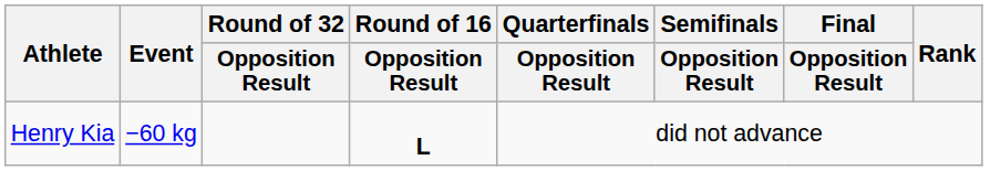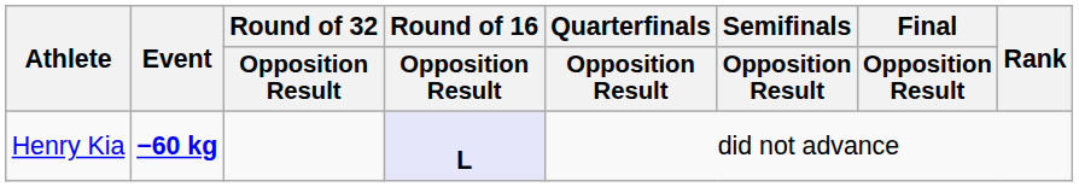 <table class="wikitable" style="font-size:90%;">
 <tr>
 <th rowspan=2>Athlete</th>
 <th rowspan=2>Event</th>
 <th>Round of 32</th>
 <th>Round of 16</th>
 <th>Quarterfinals</th>
 <th>Semifinals</th>
 <th>Final</th>
 <th rowspan=2>Rank</th>
 </tr>
 <tr style="font-size:95%">
 <th>Opposition<br>Result</th>
 <th>Opposition<br>Result</th>
 <th>Opposition<br>Result</th>
 <th>Opposition<br>Result</th>
 <th>Opposition<br>Result</th>
 </tr>
 <tr align=center>
 <td align=left><a href='#'>Henry Kia</a></td>
-<td align=left><a href='#'>−60 kg</a></td>
+<td align=left><strong><a href='#'>−60 kg</a></strong></td>
 <td></td>
-<td><br> <strong>L</strong> </td>
+<td style="background: lavender;"><br> <strong>L</strong> </td>
 <td Colspan=4>did not advance</td>
 </tr>
 </table>
